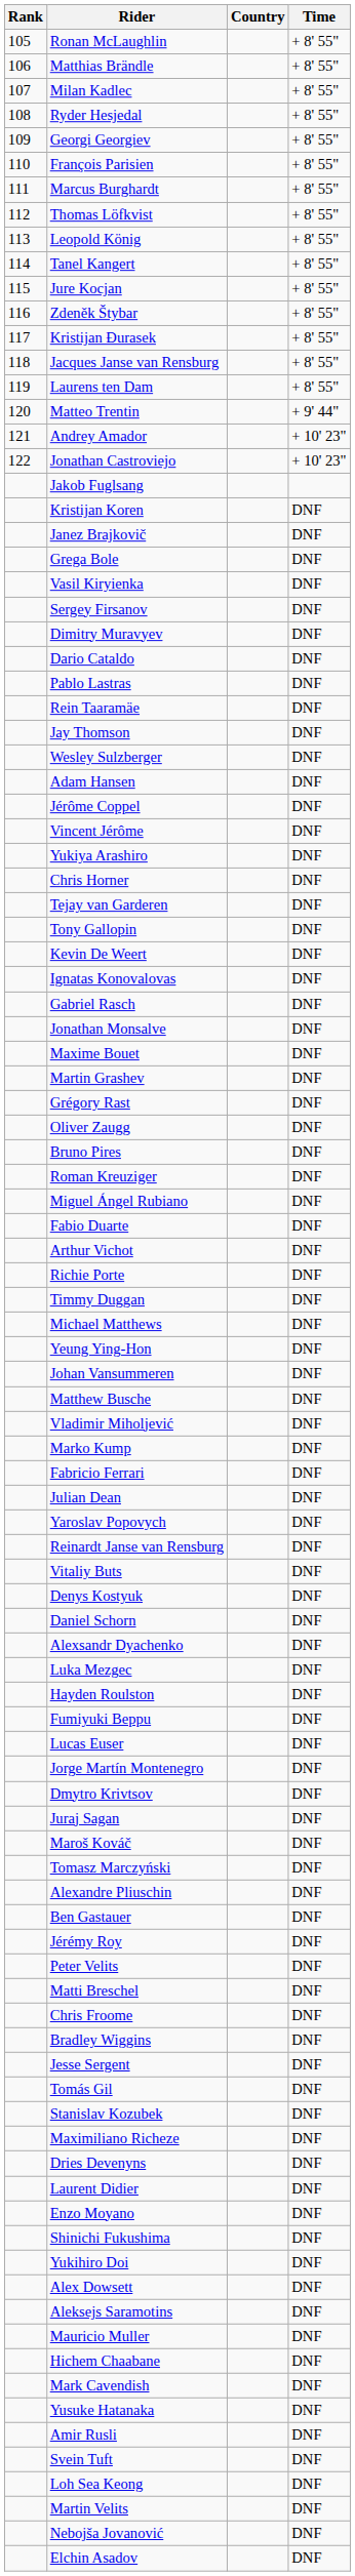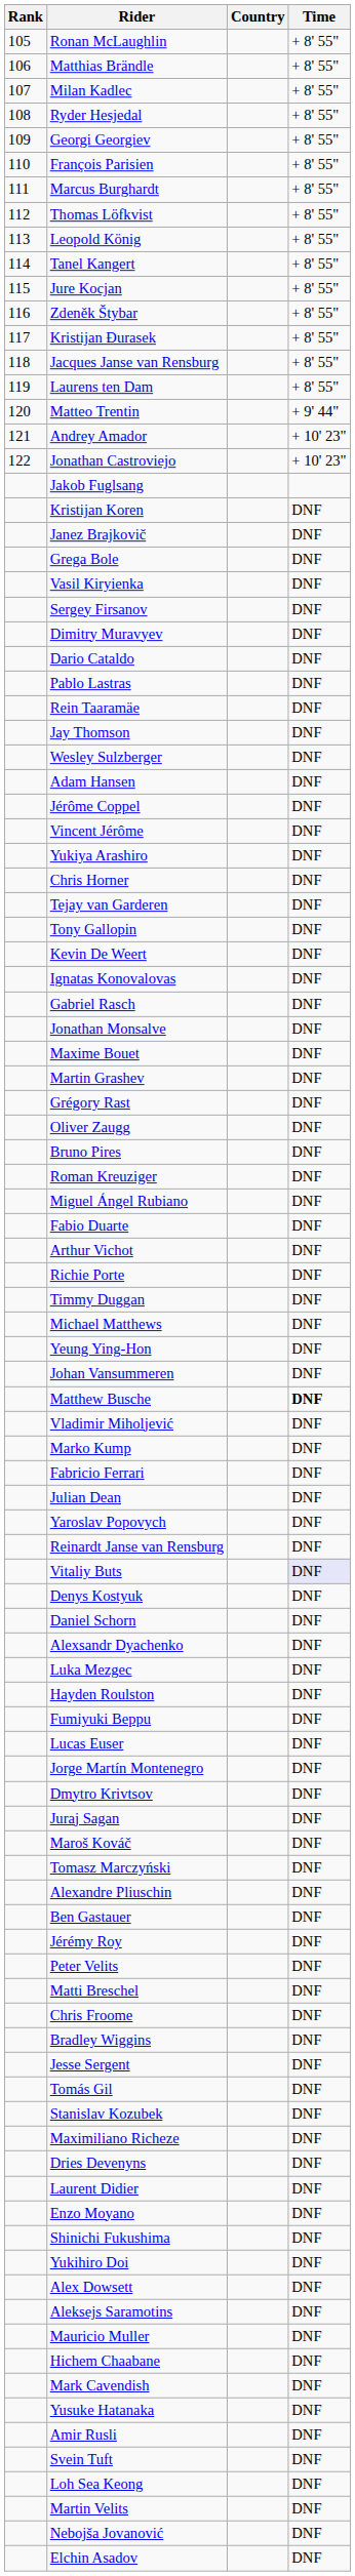 <table class="wikitable" style="font-size:95%; text-align:left;">
 <tr>
 <th>Rank</th>
 <th>Rider</th>
 <th>Country</th>
 <th>Time</th>
 </tr>
 <tr>
 <td>105</td>
 <td><a href='#'>Ronan McLaughlin</a></td>
 <td></td>
 <td>+ 8' 55"</td>
 </tr>
 <tr>
 <td>106</td>
 <td><a href='#'>Matthias Brändle</a></td>
 <td></td>
 <td>+ 8' 55"</td>
 </tr>
 <tr>
 <td>107</td>
 <td><a href='#'>Milan Kadlec</a></td>
 <td></td>
 <td>+ 8' 55"</td>
 </tr>
 <tr>
 <td>108</td>
 <td><a href='#'>Ryder Hesjedal</a></td>
 <td></td>
 <td>+ 8' 55"</td>
 </tr>
 <tr>
 <td>109</td>
 <td><a href='#'>Georgi Georgiev</a></td>
 <td></td>
 <td>+ 8' 55"</td>
 </tr>
 <tr>
 <td>110</td>
 <td><a href='#'>François Parisien</a></td>
 <td></td>
 <td>+ 8' 55"</td>
 </tr>
 <tr>
 <td>111</td>
 <td><a href='#'>Marcus Burghardt</a></td>
 <td></td>
 <td>+ 8' 55"</td>
 </tr>
 <tr>
 <td>112</td>
 <td><a href='#'>Thomas Löfkvist</a></td>
 <td></td>
 <td>+ 8' 55"</td>
 </tr>
 <tr>
 <td>113</td>
 <td><a href='#'>Leopold König</a></td>
 <td></td>
 <td>+ 8' 55"</td>
 </tr>
 <tr>
 <td>114</td>
 <td><a href='#'>Tanel Kangert</a></td>
 <td></td>
 <td>+ 8' 55"</td>
 </tr>
 <tr>
 <td>115</td>
 <td><a href='#'>Jure Kocjan</a></td>
 <td></td>
 <td>+ 8' 55"</td>
 </tr>
 <tr>
 <td>116</td>
 <td><a href='#'>Zdeněk Štybar</a></td>
 <td></td>
 <td>+ 8' 55"</td>
 </tr>
 <tr>
 <td>117</td>
 <td><a href='#'>Kristijan Đurasek</a></td>
 <td></td>
 <td>+ 8' 55"</td>
 </tr>
 <tr>
 <td>118</td>
 <td><a href='#'>Jacques Janse van Rensburg</a></td>
 <td></td>
 <td>+ 8' 55"</td>
 </tr>
 <tr>
 <td>119</td>
 <td><a href='#'>Laurens ten Dam</a></td>
 <td></td>
 <td>+ 8' 55"</td>
 </tr>
 <tr>
 <td>120</td>
 <td><a href='#'>Matteo Trentin</a></td>
 <td></td>
 <td>+ 9' 44"</td>
 </tr>
 <tr>
 <td>121</td>
 <td><a href='#'>Andrey Amador</a></td>
 <td></td>
 <td>+ 10' 23"</td>
 </tr>
 <tr>
 <td>122</td>
 <td><a href='#'>Jonathan Castroviejo</a></td>
 <td></td>
 <td>+ 10' 23"</td>
 </tr>
 <tr>
 <td></td>
 <td><a href='#'>Jakob Fuglsang</a></td>
 <td></td>
 <td></td>
 </tr>
 <tr>
 <td></td>
 <td><a href='#'>Kristijan Koren</a></td>
 <td></td>
 <td>DNF</td>
 </tr>
 <tr>
 <td></td>
 <td><a href='#'>Janez Brajkovič</a></td>
 <td></td>
 <td>DNF</td>
 </tr>
 <tr>
 <td></td>
 <td><a href='#'>Grega Bole</a></td>
 <td></td>
 <td>DNF</td>
 </tr>
 <tr>
 <td></td>
 <td><a href='#'>Vasil Kiryienka</a></td>
 <td></td>
 <td>DNF</td>
 </tr>
 <tr>
 <td></td>
 <td><a href='#'>Sergey Firsanov</a></td>
 <td></td>
 <td>DNF</td>
 </tr>
 <tr>
 <td></td>
 <td><a href='#'>Dimitry Muravyev</a></td>
 <td></td>
 <td>DNF</td>
 </tr>
 <tr>
 <td></td>
 <td><a href='#'>Dario Cataldo</a></td>
 <td></td>
 <td>DNF</td>
 </tr>
 <tr>
 <td></td>
 <td><a href='#'>Pablo Lastras</a></td>
 <td></td>
 <td>DNF</td>
 </tr>
 <tr>
 <td></td>
 <td><a href='#'>Rein Taaramäe</a></td>
 <td></td>
 <td>DNF</td>
 </tr>
 <tr>
 <td></td>
 <td><a href='#'>Jay Thomson</a></td>
 <td></td>
 <td>DNF</td>
 </tr>
 <tr>
 <td></td>
 <td><a href='#'>Wesley Sulzberger</a></td>
 <td></td>
 <td>DNF</td>
 </tr>
 <tr>
 <td></td>
 <td><a href='#'>Adam Hansen</a></td>
 <td></td>
 <td>DNF</td>
 </tr>
 <tr>
 <td></td>
 <td><a href='#'>Jérôme Coppel</a></td>
 <td></td>
 <td>DNF</td>
 </tr>
 <tr>
 <td></td>
 <td><a href='#'>Vincent Jérôme</a></td>
 <td></td>
 <td>DNF</td>
 </tr>
 <tr>
 <td></td>
 <td><a href='#'>Yukiya Arashiro</a></td>
 <td></td>
 <td>DNF</td>
 </tr>
 <tr>
 <td></td>
 <td><a href='#'>Chris Horner</a></td>
 <td></td>
 <td>DNF</td>
 </tr>
 <tr>
 <td></td>
 <td><a href='#'>Tejay van Garderen</a></td>
 <td></td>
 <td>DNF</td>
 </tr>
 <tr>
 <td></td>
 <td><a href='#'>Tony Gallopin</a></td>
 <td></td>
 <td>DNF</td>
 </tr>
 <tr>
 <td></td>
 <td><a href='#'>Kevin De Weert</a></td>
 <td></td>
 <td>DNF</td>
 </tr>
 <tr>
 <td></td>
 <td><a href='#'>Ignatas Konovalovas</a></td>
 <td></td>
 <td>DNF</td>
 </tr>
 <tr>
 <td></td>
 <td><a href='#'>Gabriel Rasch</a></td>
 <td></td>
 <td>DNF</td>
 </tr>
 <tr>
 <td></td>
 <td><a href='#'>Jonathan Monsalve</a></td>
 <td></td>
 <td>DNF</td>
 </tr>
 <tr>
 <td></td>
 <td><a href='#'>Maxime Bouet</a></td>
 <td></td>
 <td>DNF</td>
 </tr>
 <tr>
 <td></td>
 <td><a href='#'>Martin Grashev</a></td>
 <td></td>
 <td>DNF</td>
 </tr>
 <tr>
 <td></td>
 <td><a href='#'>Grégory Rast</a></td>
 <td></td>
 <td>DNF</td>
 </tr>
 <tr>
 <td></td>
 <td><a href='#'>Oliver Zaugg</a></td>
 <td></td>
 <td>DNF</td>
 </tr>
 <tr>
 <td></td>
 <td><a href='#'>Bruno Pires</a></td>
 <td></td>
 <td>DNF</td>
 </tr>
 <tr>
 <td></td>
 <td><a href='#'>Roman Kreuziger</a></td>
 <td></td>
 <td>DNF</td>
 </tr>
 <tr>
 <td></td>
 <td><a href='#'>Miguel Ángel Rubiano</a></td>
 <td></td>
 <td>DNF</td>
 </tr>
 <tr>
 <td></td>
 <td><a href='#'>Fabio Duarte</a></td>
 <td></td>
 <td>DNF</td>
 </tr>
 <tr>
 <td></td>
 <td><a href='#'>Arthur Vichot</a></td>
 <td></td>
 <td>DNF</td>
 </tr>
 <tr>
 <td></td>
 <td><a href='#'>Richie Porte</a></td>
 <td></td>
 <td>DNF</td>
 </tr>
 <tr>
 <td></td>
 <td><a href='#'>Timmy Duggan</a></td>
 <td></td>
 <td>DNF</td>
 </tr>
 <tr>
 <td></td>
 <td><a href='#'>Michael Matthews</a></td>
 <td></td>
 <td>DNF</td>
 </tr>
 <tr>
 <td></td>
 <td><a href='#'>Yeung Ying-Hon</a></td>
 <td></td>
 <td>DNF</td>
 </tr>
 <tr>
 <td></td>
 <td><a href='#'>Johan Vansummeren</a></td>
 <td></td>
 <td>DNF</td>
 </tr>
 <tr>
 <td></td>
 <td><a href='#'>Matthew Busche</a></td>
 <td></td>
-<td>DNF</td>
+<td><strong>DNF</strong></td>
 </tr>
 <tr>
 <td></td>
 <td><a href='#'>Vladimir Miholjević</a></td>
 <td></td>
 <td>DNF</td>
 </tr>
 <tr>
 <td></td>
 <td><a href='#'>Marko Kump</a></td>
 <td></td>
 <td>DNF</td>
 </tr>
 <tr>
 <td></td>
 <td><a href='#'>Fabricio Ferrari</a></td>
 <td></td>
 <td>DNF</td>
 </tr>
 <tr>
 <td></td>
 <td><a href='#'>Julian Dean</a></td>
 <td></td>
 <td>DNF</td>
 </tr>
 <tr>
 <td></td>
 <td><a href='#'>Yaroslav Popovych</a></td>
 <td></td>
 <td>DNF</td>
 </tr>
 <tr>
 <td></td>
 <td><a href='#'>Reinardt Janse van Rensburg</a></td>
 <td></td>
 <td>DNF</td>
 </tr>
 <tr>
 <td></td>
 <td><a href='#'>Vitaliy Buts</a></td>
 <td></td>
-<td>DNF</td>
+<td style="background: lavender;">DNF</td>
 </tr>
 <tr>
 <td></td>
 <td><a href='#'>Denys Kostyuk</a></td>
 <td></td>
 <td>DNF</td>
 </tr>
 <tr>
 <td></td>
 <td><a href='#'>Daniel Schorn</a></td>
 <td></td>
 <td>DNF</td>
 </tr>
 <tr>
 <td></td>
 <td><a href='#'>Alexsandr Dyachenko</a></td>
 <td></td>
 <td>DNF</td>
 </tr>
 <tr>
 <td></td>
 <td><a href='#'>Luka Mezgec</a></td>
 <td></td>
 <td>DNF</td>
 </tr>
 <tr>
 <td></td>
 <td><a href='#'>Hayden Roulston</a></td>
 <td></td>
 <td>DNF</td>
 </tr>
 <tr>
 <td></td>
 <td><a href='#'>Fumiyuki Beppu</a></td>
 <td></td>
 <td>DNF</td>
 </tr>
 <tr>
 <td></td>
 <td><a href='#'>Lucas Euser</a></td>
 <td></td>
 <td>DNF</td>
 </tr>
 <tr>
 <td></td>
 <td><a href='#'>Jorge Martín Montenegro</a></td>
 <td></td>
 <td>DNF</td>
 </tr>
 <tr>
 <td></td>
 <td><a href='#'>Dmytro Krivtsov</a></td>
 <td></td>
 <td>DNF</td>
 </tr>
 <tr>
 <td></td>
 <td><a href='#'>Juraj Sagan</a></td>
 <td></td>
 <td>DNF</td>
 </tr>
 <tr>
 <td></td>
 <td><a href='#'>Maroš Kováč</a></td>
 <td></td>
 <td>DNF</td>
 </tr>
 <tr>
 <td></td>
 <td><a href='#'>Tomasz Marczyński</a></td>
 <td></td>
 <td>DNF</td>
 </tr>
 <tr>
 <td></td>
 <td><a href='#'>Alexandre Pliuschin</a></td>
 <td></td>
 <td>DNF</td>
 </tr>
 <tr>
 <td></td>
 <td><a href='#'>Ben Gastauer</a></td>
 <td></td>
 <td>DNF</td>
 </tr>
 <tr>
 <td></td>
 <td><a href='#'>Jérémy Roy</a></td>
 <td></td>
 <td>DNF</td>
 </tr>
 <tr>
 <td></td>
 <td><a href='#'>Peter Velits</a></td>
 <td></td>
 <td>DNF</td>
 </tr>
 <tr>
 <td></td>
 <td><a href='#'>Matti Breschel</a></td>
 <td></td>
 <td>DNF</td>
 </tr>
 <tr>
 <td></td>
 <td><a href='#'>Chris Froome</a></td>
 <td></td>
 <td>DNF</td>
 </tr>
 <tr>
 <td></td>
 <td><a href='#'>Bradley Wiggins</a></td>
 <td></td>
 <td>DNF</td>
 </tr>
 <tr>
 <td></td>
 <td><a href='#'>Jesse Sergent</a></td>
 <td></td>
 <td>DNF</td>
 </tr>
 <tr>
 <td></td>
 <td><a href='#'>Tomás Gil</a></td>
 <td></td>
 <td>DNF</td>
 </tr>
 <tr>
 <td></td>
 <td><a href='#'>Stanislav Kozubek</a></td>
 <td></td>
 <td>DNF</td>
 </tr>
 <tr>
 <td></td>
 <td><a href='#'>Maximiliano Richeze</a></td>
 <td></td>
 <td>DNF</td>
 </tr>
 <tr>
 <td></td>
 <td><a href='#'>Dries Devenyns</a></td>
 <td></td>
 <td>DNF</td>
 </tr>
 <tr>
 <td></td>
 <td><a href='#'>Laurent Didier</a></td>
 <td></td>
 <td>DNF</td>
 </tr>
 <tr>
 <td></td>
 <td><a href='#'>Enzo Moyano</a></td>
 <td></td>
 <td>DNF</td>
 </tr>
 <tr>
 <td></td>
 <td><a href='#'>Shinichi Fukushima</a></td>
 <td></td>
 <td>DNF</td>
 </tr>
 <tr>
 <td></td>
 <td><a href='#'>Yukihiro Doi</a></td>
 <td></td>
 <td>DNF</td>
 </tr>
 <tr>
 <td></td>
 <td><a href='#'>Alex Dowsett</a></td>
 <td></td>
 <td>DNF</td>
 </tr>
 <tr>
 <td></td>
 <td><a href='#'>Aleksejs Saramotins</a></td>
 <td></td>
 <td>DNF</td>
 </tr>
 <tr>
 <td></td>
 <td><a href='#'>Mauricio Muller</a></td>
 <td></td>
 <td>DNF</td>
 </tr>
 <tr>
 <td></td>
 <td><a href='#'>Hichem Chaabane</a></td>
 <td></td>
 <td>DNF</td>
 </tr>
 <tr>
 <td></td>
 <td><a href='#'>Mark Cavendish</a></td>
 <td></td>
 <td>DNF</td>
 </tr>
 <tr>
 <td></td>
 <td><a href='#'>Yusuke Hatanaka</a></td>
 <td></td>
 <td>DNF</td>
 </tr>
 <tr>
 <td></td>
 <td><a href='#'>Amir Rusli</a></td>
 <td></td>
 <td>DNF</td>
 </tr>
 <tr>
 <td></td>
 <td><a href='#'>Svein Tuft</a></td>
 <td></td>
 <td>DNF</td>
 </tr>
 <tr>
 <td></td>
 <td><a href='#'>Loh Sea Keong</a></td>
 <td></td>
 <td>DNF</td>
 </tr>
 <tr>
 <td></td>
 <td><a href='#'>Martin Velits</a></td>
 <td></td>
 <td>DNF</td>
 </tr>
 <tr>
 <td></td>
 <td><a href='#'>Nebojša Jovanović</a></td>
 <td></td>
 <td>DNF</td>
 </tr>
 <tr>
 <td></td>
 <td><a href='#'>Elchin Asadov</a></td>
 <td></td>
 <td>DNF</td>
 </tr>
 </table>
